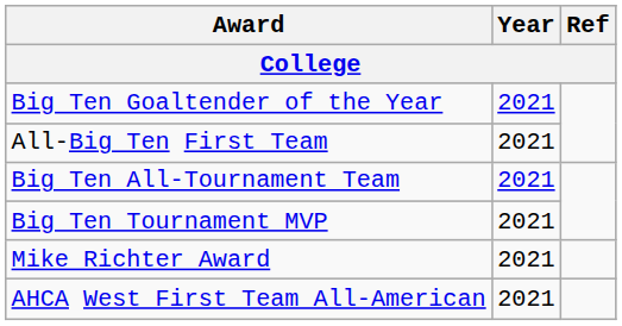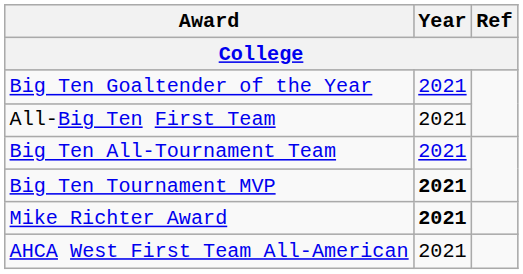 <table class="wikitable">
 <tr>
 <th>Award</th>
 <th>Year</th>
 <th>Ref</th>
 </tr>
 <tr>
 <th colspan="3"><a href='#'>College</a></th>
 </tr>
 <tr>
 <td><a href='#'>Big Ten Goaltender of the Year</a></td>
 <td><a href='#'>2021</a></td>
 <td rowspan="2"></td>
 </tr>
 <tr>
 <td>All-<a href='#'>Big Ten</a> <a href='#'>First Team</a></td>
 <td>2021</td>
 </tr>
 <tr>
 <td><a href='#'>Big Ten All-Tournament Team</a></td>
 <td><a href='#'>2021</a></td>
 <td rowspan="2"></td>
 </tr>
 <tr>
 <td><a href='#'>Big Ten Tournament MVP</a></td>
-<td>2021</td>
+<td><strong>2021</strong></td>
 </tr>
 <tr>
 <td><a href='#'>Mike Richter Award</a></td>
-<td>2021</td>
+<td><strong>2021</strong></td>
 <td></td>
 </tr>
 <tr>
 <td><a href='#'>AHCA</a> <a href='#'>West First Team All-American</a></td>
 <td>2021</td>
 <td></td>
 </tr>
 </table>
